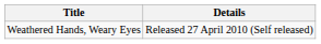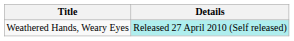 <table class="wikitable">
 <tr>
 <th>Title</th>
 <th>Details</th>
 </tr>
 <tr>
 <td>Weathered Hands, Weary Eyes</td>
-<td>Released 27 April 2010 (Self released)</td>
+<td style="background: paleturquoise;">Released 27 April 2010 (Self released)</td>
 </tr>
 </table>
